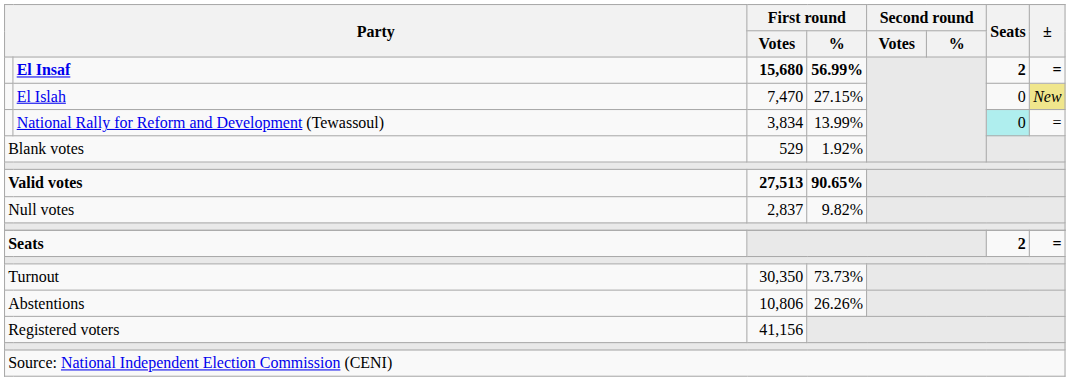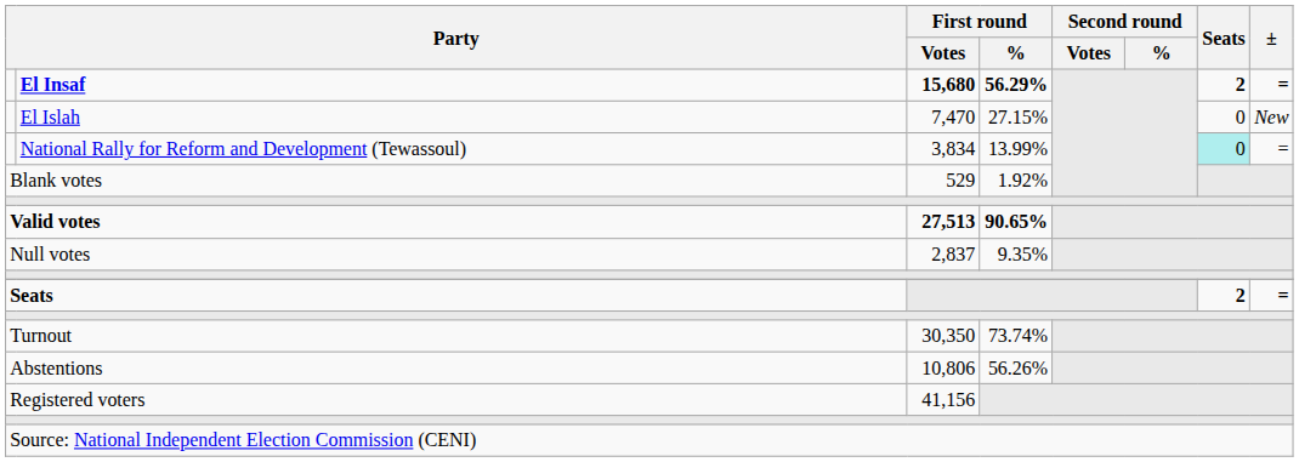 <table class="wikitable" style="text-align:right;font-size:95%;">
 <tr>
 <th rowspan="2" colspan="2" width="700">Party</th>
 <th colspan="2">First round</th>
 <th colspan="2">Second round</th>
 <th rowspan="2" width="25">Seats</th>
 <th rowspan="2" width="20">±</th>
 </tr>
 <tr>
 <th width="50">Votes</th>
 <th width="50">%</th>
 <th width="50">Votes</th>
 <th width="50">%</th>
 </tr>
 <tr>
 <td width="1" style="color:inherit;background:"></td>
 <td style="text-align:left;"><strong><a href='#'>El Insaf</a></strong></td>
 <td><strong>15,680</strong></td>
-<td><strong>56.99%</strong></td>
+<td><strong>56.29%</strong></td>
 <td colspan="2" rowspan="4" style="background:#E9E9E9;"></td>
 <td><strong>2</strong></td>
 <td><strong>=</strong></td>
 </tr>
 <tr>
 <td width="1" style="color:inherit;background:"></td>
 <td style="text-align:left;"><a href='#'>El Islah</a></td>
 <td>7,470</td>
 <td>27.15%</td>
 <td>0</td>
-<td style="background: khaki;"><em>New</em></td>
+<td><em>New</em></td>
 </tr>
 <tr>
 <td width="1" style="color:inherit;background:"></td>
 <td style="text-align:left;"><a href='#'>National Rally for Reform and Development</a> (Tewassoul)</td>
 <td>3,834</td>
 <td>13.99%</td>
 <td style="background: paleturquoise;">0</td>
 <td>=</td>
 </tr>
 <tr>
 <td colspan="2" style="text-align:left;">Blank votes</td>
 <td>529</td>
 <td>1.92%</td>
 <td colspan="4" style="background:#E9E9E9;"></td>
 </tr>
 <tr>
 <td colspan="8" style="background:#E9E9E9;"></td>
 </tr>
 <tr style="font-weight:bold;">
 <td colspan="2" style="text-align:left;">Valid votes</td>
 <td>27,513</td>
 <td>90.65%</td>
 <td colspan="4" style="background:#E9E9E9;"></td>
 </tr>
 <tr>
 <td colspan="2" style="text-align:left;">Null votes</td>
 <td>2,837</td>
-<td>9.82%</td>
+<td>9.35%</td>
 <td colspan="4" style="background:#E9E9E9;"></td>
 </tr>
 <tr>
 <td colspan="8" style="background:#E9E9E9;"></td>
 </tr>
 <tr>
 </tr>
 <tr style="font-weight:bold;">
 <td colspan="2" style="text-align:left;">Seats</td>
 <td colspan="4" style="background:#E9E9E9;"></td>
 <td>2</td>
 <td>=</td>
 </tr>
 <tr>
 <td colspan="8" style="background:#E9E9E9;"></td>
 </tr>
 <tr>
 <td colspan="2" style="text-align:left;">Turnout</td>
 <td>30,350</td>
-<td>73.73%</td>
+<td>73.74%</td>
 <td colspan="4" style="background:#E9E9E9;"></td>
 </tr>
 <tr>
 <td colspan="2" style="text-align:left;">Abstentions</td>
 <td>10,806</td>
-<td>26.26%</td>
+<td>56.26%</td>
 <td colspan="4" style="background:#E9E9E9;"></td>
 </tr>
 <tr>
 <td colspan="2" style="text-align:left;">Registered voters</td>
 <td>41,156</td>
 <td colspan="5" style="background:#E9E9E9;"></td>
 </tr>
 <tr>
 <td colspan="8" style="background:#E9E9E9;"></td>
 </tr>
 <tr>
 <td colspan="8" style="text-align:left;">Source: <a href='#'>National Independent Election Commission</a> (CENI)</td>
 </tr>
 </table>
